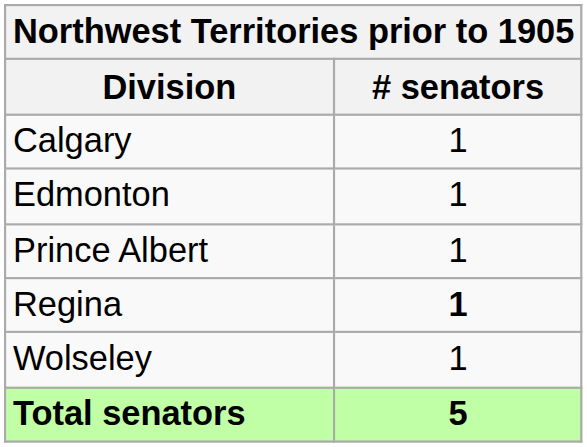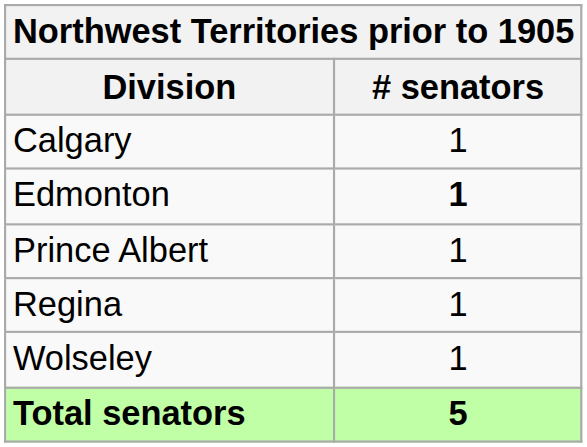 <table class="wikitable collapsible collapsed">
 <tr>
 <th colspan="2"><strong>Northwest Territories prior to 1905</strong></th>
 </tr>
 <tr bgcolor="#efefef">
 <th align=left>Division</th>
 <th align=center># senators</th>
 </tr>
 <tr>
 <td align=left>Calgary</td>
 <td align=center>1</td>
 </tr>
 <tr>
 <td align=left>Edmonton</td>
-<td align=center>1</td>
+<td align=center><strong>1</strong></td>
 </tr>
 <tr>
 <td align=left>Prince Albert</td>
 <td align=center>1</td>
 </tr>
 <tr>
 <td align=left>Regina</td>
-<td align=center><strong>1</strong></td>
+<td align=center>1</td>
 </tr>
 <tr>
 <td align=left>Wolseley</td>
 <td align=center>1</td>
 </tr>
 <tr bgcolor=#C0FFA6>
 <td><strong>Total senators</strong></td>
 <td align=center><strong>5</strong></td>
 </tr>
 </table>
